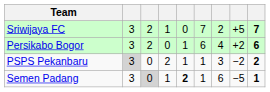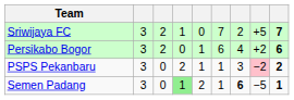 <table class="wikitable" style="text-align:center">
 <tr>
 <th style="width:175px;">Team</th>
 <th width="20"></th>
 <th width="20"></th>
 <th width="20"></th>
 <th width="20"></th>
 <th width="20"></th>
 <th width="20"></th>
 <th width="20"></th>
 <th width="20"></th>
 </tr>
 <tr style="background:#cfc;">
 <td align=left><a href='#'>Sriwijaya FC</a></td>
 <td>3</td>
 <td>2</td>
 <td>1</td>
 <td>0</td>
 <td>7</td>
 <td>2</td>
 <td>+5</td>
 <td><strong>7</strong></td>
 </tr>
 <tr style="background:#cfc;">
 <td align=left><a href='#'>Persikabo Bogor</a></td>
 <td>3</td>
 <td>2</td>
 <td>0</td>
 <td>1</td>
 <td>6</td>
 <td>4</td>
 <td>+2</td>
 <td><strong>6</strong></td>
 </tr>
 <tr>
 <td align=left><a href='#'>PSPS Pekanbaru</a></td>
-<td style="background: lightgrey;">3</td>
+<td>3</td>
 <td>0</td>
 <td>2</td>
 <td>1</td>
 <td>1</td>
 <td>3</td>
-<td>−2</td>
+<td style="background: pink;">−2</td>
 <td><strong>2</strong></td>
 </tr>
 <tr>
 <td align=left><a href='#'>Semen Padang</a></td>
 <td>3</td>
-<td style="background: lightgrey;">0</td>
+<td>0</td>
+<td style="background: lightgreen;">1</td>
+<td>2</td>
 <td>1</td>
-<td><strong>2</strong></td>
-<td>1</td>
-<td>6</td>
+<td><strong>6</strong></td>
 <td>−5</td>
 <td><strong>1</strong></td>
 </tr>
 </table>
